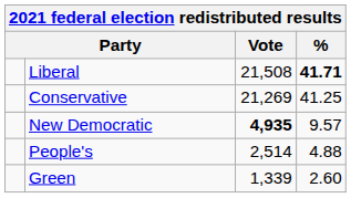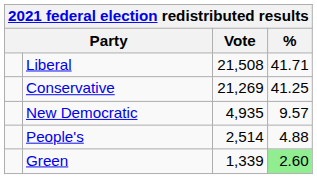 <table class="wikitable">
 <tr>
 <th colspan="4"><a href='#'>2021 federal election</a> redistributed results</th>
 </tr>
 <tr>
 <th bgcolor="#DDDDFF" width="130px" colspan="2">Party</th>
 <th bgcolor="#DDDDFF" width="50px">Vote</th>
 <th bgcolor="#DDDDFF" width="30px">%</th>
 </tr>
 <tr>
 <td> </td>
 <td><a href='#'>Liberal</a></td>
 <td align=right>21,508</td>
-<td align=right><strong>41.71</strong></td>
+<td align=right>41.71</td>
 </tr>
 <tr>
 <td> </td>
 <td><a href='#'>Conservative</a></td>
 <td align=right>21,269</td>
 <td align=right>41.25</td>
 </tr>
 <tr>
 <td> </td>
 <td><a href='#'>New Democratic</a></td>
-<td align=right><strong>4,935</strong></td>
+<td align=right>4,935</td>
 <td align=right>9.57</td>
 </tr>
 <tr>
 <td> </td>
 <td><a href='#'>People's</a></td>
 <td align=right>2,514</td>
 <td align=right>4.88</td>
 </tr>
 <tr>
 <td> </td>
 <td><a href='#'>Green</a></td>
 <td align=right>1,339</td>
-<td align=right>2.60</td>
+<td align=right style="background: lightgreen;">2.60</td>
 </tr>
 </table>
